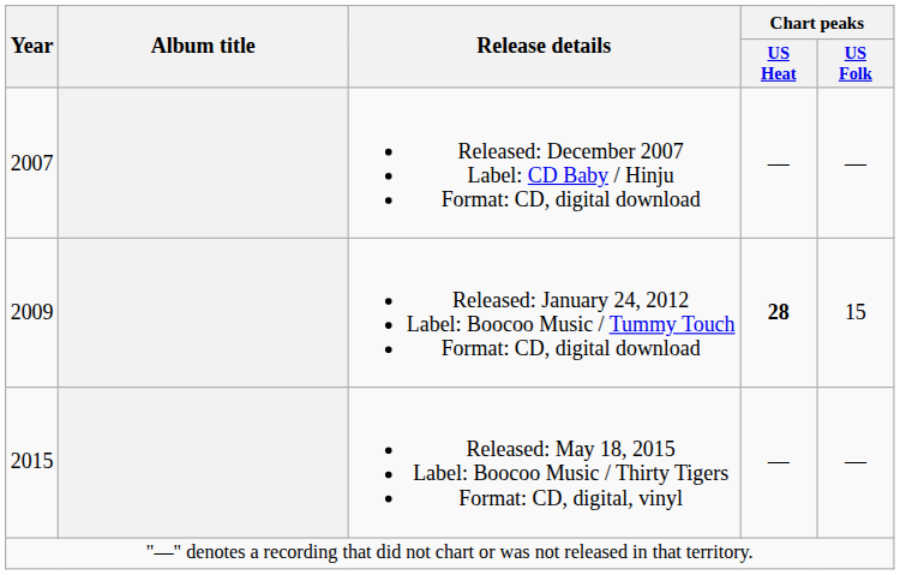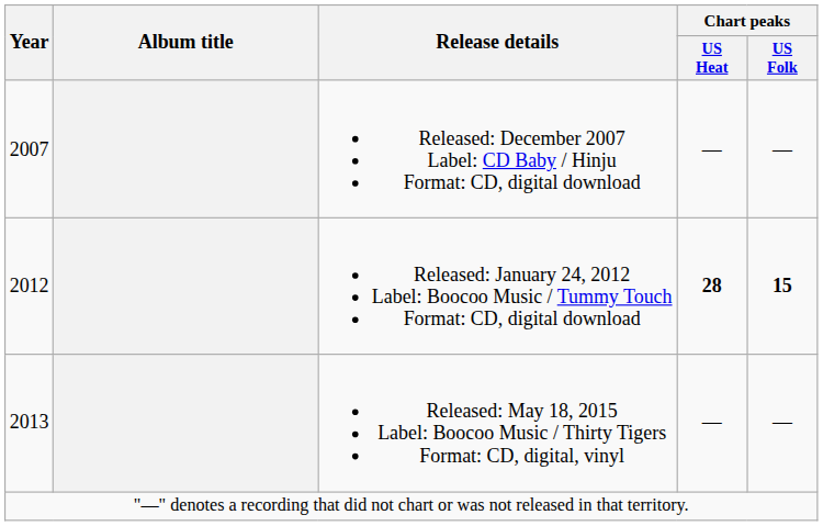 <table class="wikitable plainrowheaders" style="text-align:center;">
 <tr>
 <th rowspan="2;">Year</th>
 <th scope="col" rowspan="2" style="width:13em;">Album title</th>
 <th scope="col" rowspan="2">Release details</th>
 <th scope="col" colspan="3"><small>Chart peaks</small></th>
 </tr>
 <tr>
 <th style="width:4em;font-size:80%;"><a href='#'>US<br>Heat</a></th>
 <th style="width:4em;font-size:80%;"><a href='#'>US<br>Folk</a></th>
 </tr>
 <tr>
 <td>2007</td>
 <th></th>
 <td><br><ul><li>Released: December 2007</li><li>Label: <a href='#'>CD Baby</a> / Hinju</li><li>Format: CD, digital download</li></ul></td>
 <td>—</td>
 <td>—</td>
 </tr>
 <tr>
-<td>2009</td>
+<td>2012</td>
 <th></th>
 <td><br><ul><li>Released: January 24, 2012</li><li>Label: Boocoo Music / <a href='#'>Tummy Touch</a></li><li>Format: CD, digital download</li></ul></td>
 <td><strong>28</strong></td>
-<td>15</td>
+<td><strong>15</strong></td>
 </tr>
 <tr>
-<td>2015</td>
+<td>2013</td>
 <th></th>
 <td><br><ul><li>Released: May 18, 2015</li><li>Label: Boocoo Music / Thirty Tigers</li><li>Format: CD, digital, vinyl</li></ul></td>
 <td>—</td>
 <td>—</td>
 </tr>
 <tr>
 <td colspan="6" style="font-size:90%">"—" denotes a recording that did not chart or was not released in that territory.<br></td>
 </tr>
 </table>
